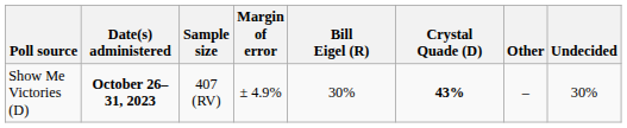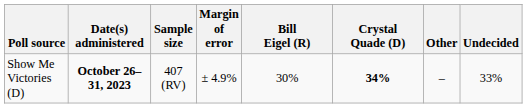 <table class="wikitable" style="font-size:90%;text-align:center;">
 <tr valign=bottom>
 <th>Poll source</th>
 <th>Date(s)<br>administered</th>
 <th>Sample<br>size</th>
 <th>Margin<br>of error</th>
 <th style="width:100px;">Bill<br>Eigel (R)</th>
 <th style="width:100px;">Crystal<br>Quade (D)</th>
 <th>Other</th>
 <th>Undecided</th>
 </tr>
 <tr>
 <td rowspan=2 style="text-align:left">Show Me Victories (D)</td>
 <td><strong>October 26–31, 2023</strong></td>
 <td>407 (RV)</td>
 <td>± 4.9%</td>
 <td>30%</td>
-<td><strong>43%</strong></td>
+<td><strong>34%</strong></td>
 <td>–</td>
-<td>30%</td>
+<td>33%</td>
 </tr>
 </table>
